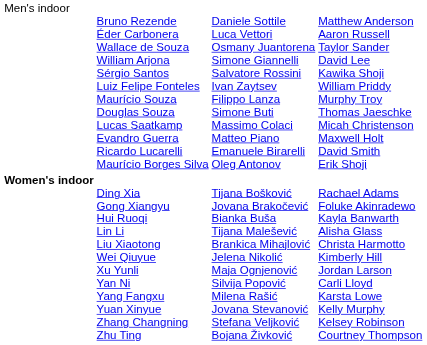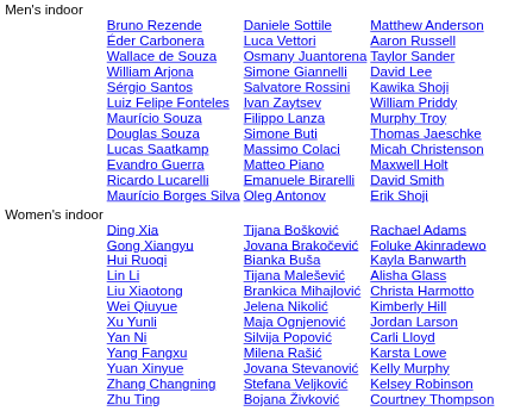 <table>
 <tr valign="top">
 <td>Men's indoor<br></td>
 <td><br><a href='#'>Bruno Rezende</a><br><a href='#'>Éder Carbonera</a><br><a href='#'>Wallace de Souza</a><br><a href='#'>William Arjona</a><br><a href='#'>Sérgio Santos</a><br><a href='#'>Luiz Felipe Fonteles</a><br><a href='#'>Maurício Souza</a><br><a href='#'>Douglas Souza</a><br><a href='#'>Lucas Saatkamp</a><br><a href='#'>Evandro Guerra</a><br><a href='#'>Ricardo Lucarelli</a><br><a href='#'>Maurício Borges Silva</a></td>
 <td><br><a href='#'>Daniele Sottile</a><br><a href='#'>Luca Vettori</a><br><a href='#'>Osmany Juantorena</a><br><a href='#'>Simone Giannelli</a><br><a href='#'>Salvatore Rossini</a><br><a href='#'>Ivan Zaytsev</a><br><a href='#'>Filippo Lanza</a><br><a href='#'>Simone Buti</a><br><a href='#'>Massimo Colaci</a><br><a href='#'>Matteo Piano</a><br><a href='#'>Emanuele Birarelli</a><br><a href='#'>Oleg Antonov</a></td>
 <td><br><a href='#'>Matthew Anderson</a><br><a href='#'>Aaron Russell</a><br><a href='#'>Taylor Sander</a><br><a href='#'>David Lee</a><br><a href='#'>Kawika Shoji</a><br><a href='#'>William Priddy</a><br><a href='#'>Murphy Troy</a><br><a href='#'>Thomas Jaeschke</a><br><a href='#'>Micah Christenson</a><br><a href='#'>Maxwell Holt</a><br><a href='#'>David Smith</a><br><a href='#'>Erik Shoji</a></td>
 </tr>
 <tr valign="top">
-<td><strong>Women's indoor<br></strong></td>
+<td>Women's indoor<br></td>
 <td><br><a href='#'>Ding Xia</a><br><a href='#'>Gong Xiangyu</a><br><a href='#'>Hui Ruoqi</a><br><a href='#'>Lin Li</a><br><a href='#'>Liu Xiaotong</a><br><a href='#'>Wei Qiuyue</a><br><a href='#'>Xu Yunli</a><br><a href='#'>Yan Ni</a><br><a href='#'>Yang Fangxu</a><br><a href='#'>Yuan Xinyue</a><br><a href='#'>Zhang Changning</a><br><a href='#'>Zhu Ting</a></td>
 <td><br><a href='#'>Tijana Bošković</a><br><a href='#'>Jovana Brakočević</a><br><a href='#'>Bianka Buša</a><br><a href='#'>Tijana Malešević</a><br><a href='#'>Brankica Mihajlović</a><br><a href='#'>Jelena Nikolić</a><br><a href='#'>Maja Ognjenović</a><br><a href='#'>Silvija Popović</a><br><a href='#'>Milena Rašić</a><br><a href='#'>Jovana Stevanović</a><br><a href='#'>Stefana Veljković</a><br><a href='#'>Bojana Živković</a></td>
 <td><br><a href='#'>Rachael Adams</a><br><a href='#'>Foluke Akinradewo</a><br><a href='#'>Kayla Banwarth</a><br><a href='#'>Alisha Glass</a><br><a href='#'>Christa Harmotto</a><br><a href='#'>Kimberly Hill</a><br><a href='#'>Jordan Larson</a><br><a href='#'>Carli Lloyd</a><br><a href='#'>Karsta Lowe</a><br><a href='#'>Kelly Murphy</a><br><a href='#'>Kelsey Robinson</a><br><a href='#'>Courtney Thompson</a></td>
 </tr>
 <tr>
 </tr>
 </table>
